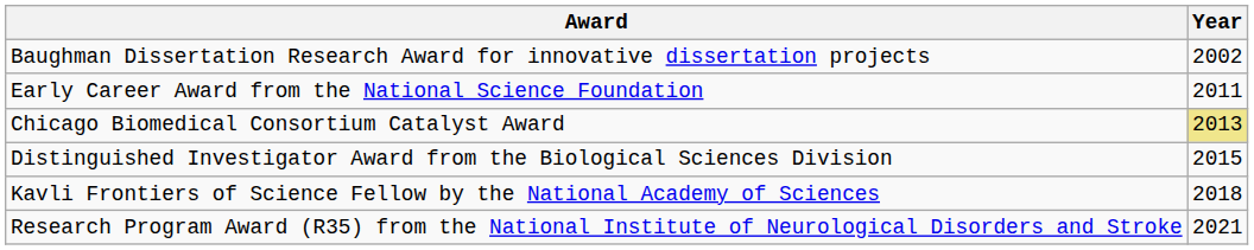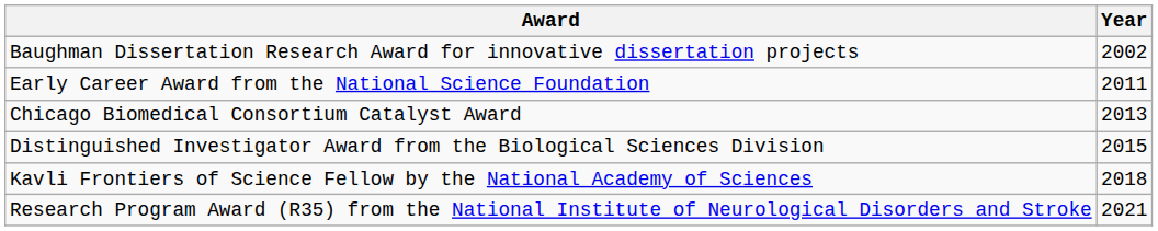 <table class="wikitable">
 <tr>
 <th>Award</th>
 <th>Year</th>
 </tr>
 <tr>
 <td>Baughman Dissertation Research Award for innovative <a href='#'>dissertation</a> projects</td>
 <td>2002</td>
 </tr>
 <tr>
 <td>Early Career Award from the <a href='#'>National Science Foundation</a></td>
 <td>2011</td>
 </tr>
 <tr>
 <td>Chicago Biomedical Consortium Catalyst Award</td>
-<td style="background: khaki;">2013</td>
+<td>2013</td>
 </tr>
 <tr>
 <td>Distinguished Investigator Award from the Biological Sciences Division</td>
 <td>2015</td>
 </tr>
 <tr>
 <td>Kavli Frontiers of Science Fellow by the <a href='#'>National Academy of Sciences</a></td>
 <td>2018</td>
 </tr>
 <tr>
 <td>Research Program Award (R35) from the <a href='#'>National Institute of Neurological Disorders and Stroke</a></td>
 <td>2021</td>
 </tr>
 </table>
